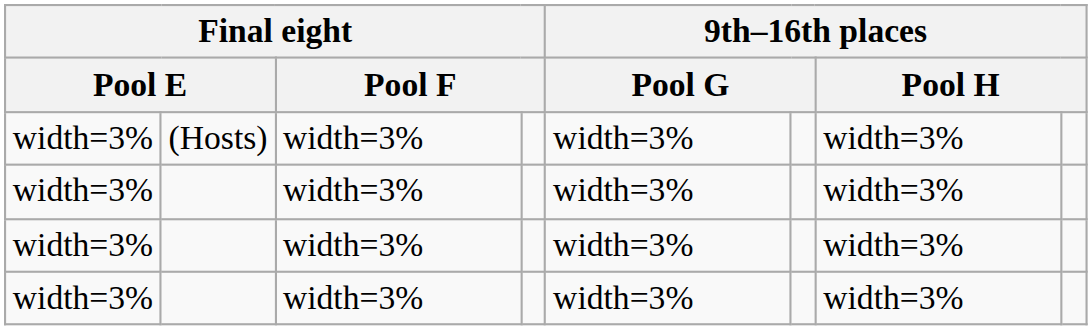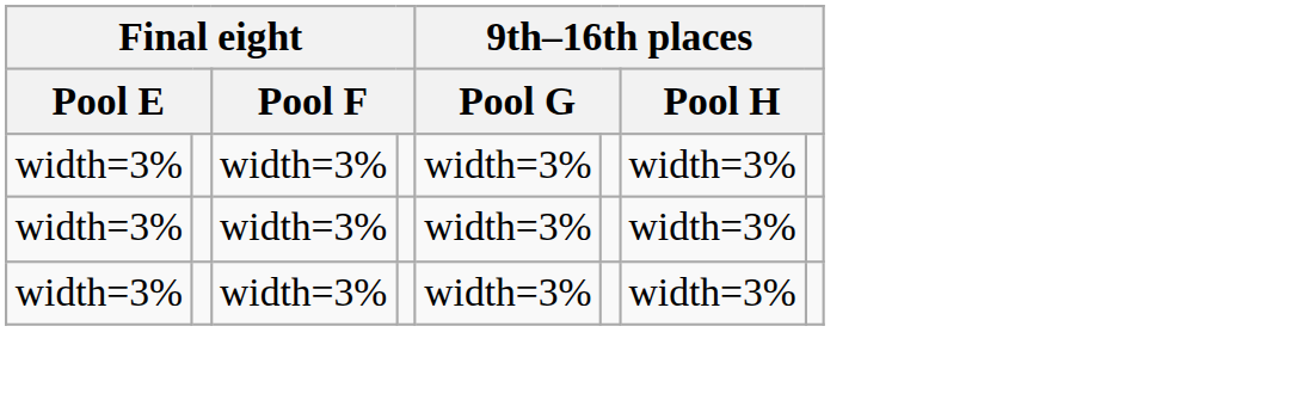 <table class="wikitable">
 <tr>
 <th width=50% colspan=4>Final eight</th>
 <th width=50% colspan=4>9th–16th places</th>
 </tr>
 <tr>
 <th width=25% colspan=2>Pool E</th>
 <th width=25% colspan=2>Pool F</th>
 <th width=25% colspan=2>Pool G</th>
 <th width=25% colspan=2>Pool H</th>
-</tr>
-<tr>
-<td>width=3% </td>
-<td> (Hosts)</td>
-<td>width=3% </td>
-<td></td>
-<td>width=3% </td>
-<td></td>
-<td>width=3% </td>
-<td></td>
 </tr>
 <tr>
 <td>width=3% </td>
 <td></td>
 <td>width=3% </td>
 <td></td>
 <td>width=3% </td>
 <td></td>
 <td>width=3% </td>
 <td></td>
 </tr>
 <tr>
 <td>width=3% </td>
 <td></td>
 <td>width=3% </td>
 <td></td>
 <td>width=3% </td>
 <td></td>
 <td>width=3% </td>
 <td></td>
 </tr>
 <tr>
 <td>width=3% </td>
 <td></td>
 <td>width=3% </td>
 <td></td>
 <td>width=3% </td>
 <td></td>
 <td>width=3% </td>
 <td></td>
 </tr>
 </table>
